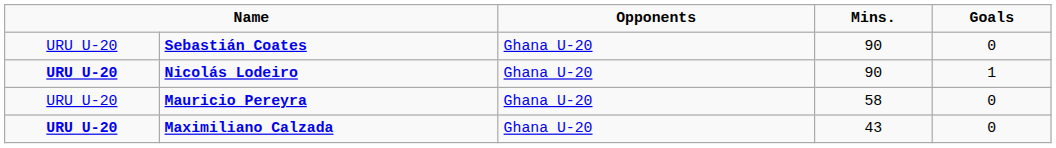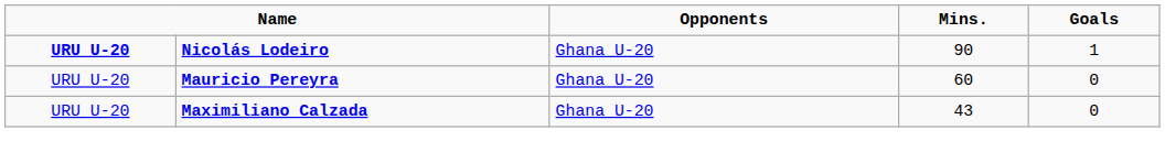 <table class= width=90% border="2" cellpadding="4" cellspacing="0" style="text-align=center: 1em 1em 1em 0; background: #f9f9f9; border: 1px #aaa solid; border-collapse: collapse; font-size: 95%;">
 <tr>
 <th width=25% colspan=2>Name</th>
 <th width=16%>Opponents</th>
 <th width=6%>Mins.</th>
 <th width=6%>Goals</th>
-</tr>
-<tr>
-<td align=center> <a href='#'>URU U-20</a></td>
-<td><strong><a href='#'>Sebastián Coates</a></strong></td>
-<td> <a href='#'>Ghana U-20</a></td>
-<td align=center>90</td>
-<td align=center>0</td>
 </tr>
 <tr>
 <td align=center><strong> <a href='#'>URU U-20</a></strong></td>
 <td><strong><a href='#'>Nicolás Lodeiro</a></strong></td>
 <td> <a href='#'>Ghana U-20</a></td>
 <td align=center>90</td>
 <td align=center>1</td>
 </tr>
 <tr>
 <td align=center> <a href='#'>URU U-20</a></td>
 <td><strong><a href='#'>Mauricio Pereyra</a></strong></td>
 <td> <a href='#'>Ghana U-20</a></td>
-<td align=center>58</td>
+<td align=center>60</td>
 <td align=center>0</td>
 </tr>
 <tr>
-<td align=center><strong> <a href='#'>URU U-20</a></strong></td>
+<td align=center> <a href='#'>URU U-20</a></td>
 <td><strong><a href='#'>Maximiliano Calzada</a></strong></td>
 <td> <a href='#'>Ghana U-20</a></td>
 <td align=center>43</td>
 <td align=center>0</td>
 </tr>
 </table>
